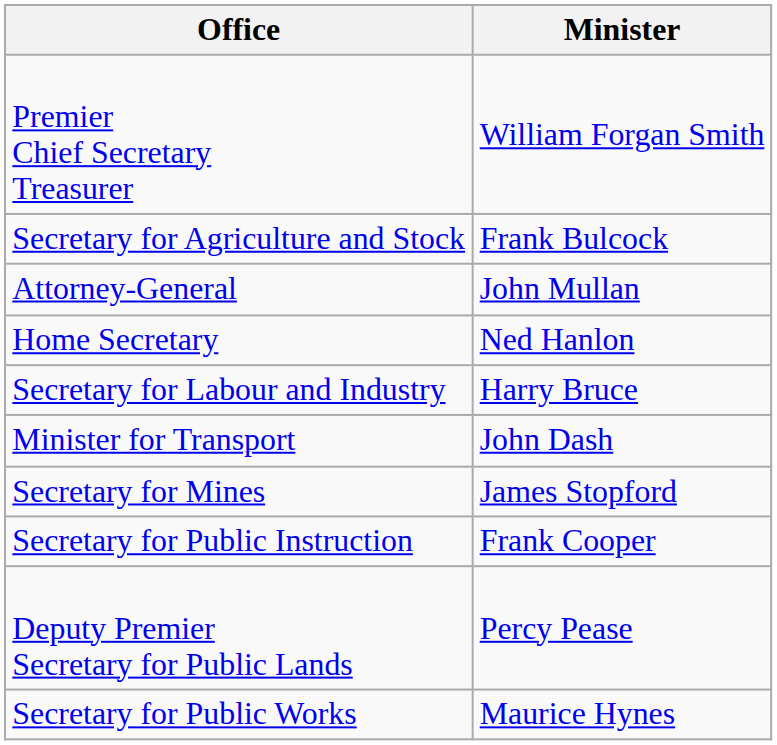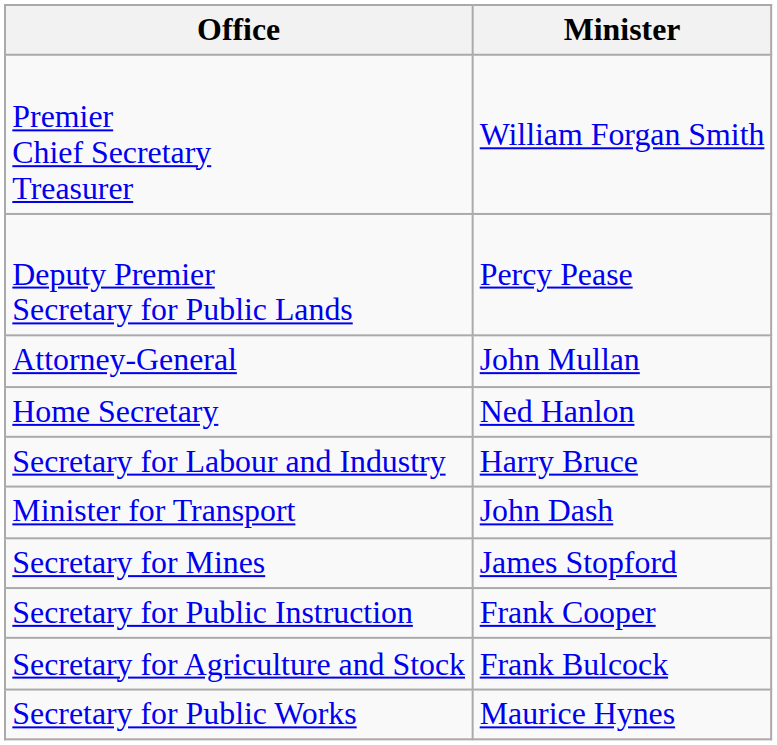 <table class="wikitable">
 <tr>
 <th>Office</th>
 <th>Minister</th>
 </tr>
 <tr>
 <td><br><a href='#'>Premier</a><br> <a href='#'>Chief Secretary</a><br> <a href='#'>Treasurer</a></td>
 <td><a href='#'>William Forgan Smith</a></td>
 </tr>
 <tr>
-<td><a href='#'>Secretary for Agriculture and Stock</a></td>
-<td><a href='#'>Frank Bulcock</a></td>
+<td><br><a href='#'>Deputy Premier</a><br> <a href='#'>Secretary for Public Lands</a></td>
+<td><a href='#'>Percy Pease</a></td>
 </tr>
 <tr>
 <td><a href='#'>Attorney-General</a></td>
 <td><a href='#'>John Mullan</a></td>
 </tr>
 <tr>
 <td><a href='#'>Home Secretary</a></td>
 <td><a href='#'>Ned Hanlon</a></td>
 </tr>
 <tr>
 <td><a href='#'>Secretary for Labour and Industry</a></td>
 <td><a href='#'>Harry Bruce</a></td>
 </tr>
 <tr>
 <td><a href='#'>Minister for Transport</a></td>
 <td><a href='#'>John Dash</a></td>
 </tr>
 <tr>
 <td><a href='#'>Secretary for Mines</a></td>
 <td><a href='#'>James Stopford</a></td>
 </tr>
 <tr>
 <td><a href='#'>Secretary for Public Instruction</a></td>
 <td><a href='#'>Frank Cooper</a></td>
 </tr>
 <tr>
-<td><br><a href='#'>Deputy Premier</a><br> <a href='#'>Secretary for Public Lands</a></td>
-<td><a href='#'>Percy Pease</a></td>
+<td><a href='#'>Secretary for Agriculture and Stock</a></td>
+<td><a href='#'>Frank Bulcock</a></td>
 </tr>
 <tr>
 <td><a href='#'>Secretary for Public Works</a></td>
 <td><a href='#'>Maurice Hynes</a></td>
 </tr>
 </table>
